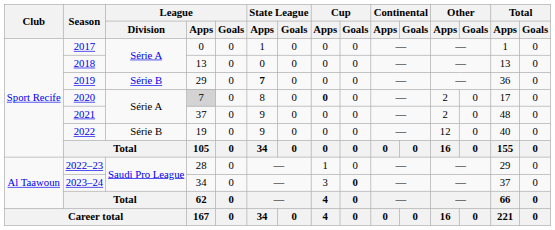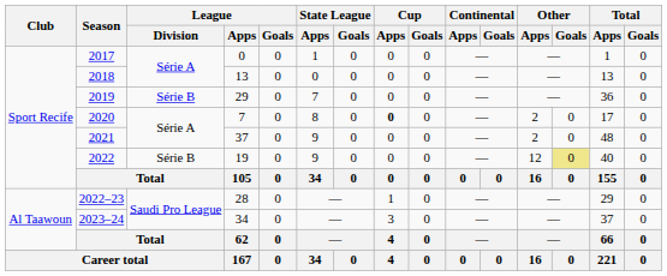 <table class="wikitable" style="text-align: center;">
 <tr>
 <th rowspan="2">Club</th>
 <th rowspan="2">Season</th>
 <th colspan="3">League</th>
 <th colspan="2">State League</th>
 <th colspan="2">Cup</th>
 <th colspan="2">Continental</th>
 <th colspan="2">Other</th>
 <th colspan="2">Total</th>
 </tr>
 <tr>
 <th>Division</th>
 <th>Apps</th>
 <th>Goals</th>
 <th>Apps</th>
 <th>Goals</th>
 <th>Apps</th>
 <th>Goals</th>
 <th>Apps</th>
 <th>Goals</th>
 <th>Apps</th>
 <th>Goals</th>
 <th>Apps</th>
 <th>Goals</th>
 </tr>
 <tr>
 <td rowspan="7" valign="center"><a href='#'>Sport Recife</a></td>
 <td><a href='#'>2017</a></td>
 <td rowspan="2"><a href='#'>Série A</a></td>
 <td>0</td>
 <td>0</td>
 <td>1</td>
 <td>0</td>
 <td>0</td>
 <td>0</td>
 <td colspan="2">—</td>
 <td colspan="2">—</td>
 <td>1</td>
 <td>0</td>
 </tr>
 <tr>
 <td><a href='#'>2018</a></td>
 <td>13</td>
 <td>0</td>
 <td>0</td>
 <td>0</td>
 <td>0</td>
 <td>0</td>
 <td colspan="2">—</td>
 <td colspan="2">—</td>
 <td>13</td>
 <td>0</td>
 </tr>
 <tr>
 <td><a href='#'>2019</a></td>
 <td><a href='#'>Série B</a></td>
 <td>29</td>
 <td>0</td>
-<td><strong>7</strong></td>
+<td>7</td>
 <td>0</td>
 <td>0</td>
 <td>0</td>
 <td colspan="2">—</td>
 <td colspan="2">—</td>
 <td>36</td>
 <td>0</td>
 </tr>
 <tr>
 <td><a href='#'>2020</a></td>
 <td rowspan="2">Série A</td>
-<td style="background: lightgrey;">7</td>
+<td>7</td>
 <td>0</td>
 <td>8</td>
 <td>0</td>
 <td><strong>0</strong></td>
 <td>0</td>
 <td colspan="2">—</td>
 <td>2</td>
 <td>0</td>
 <td>17</td>
 <td>0</td>
 </tr>
 <tr>
 <td><a href='#'>2021</a></td>
 <td>37</td>
 <td>0</td>
 <td>9</td>
 <td>0</td>
 <td>0</td>
 <td>0</td>
 <td colspan="2">—</td>
 <td>2</td>
 <td>0</td>
 <td>48</td>
 <td>0</td>
 </tr>
 <tr>
 <td><a href='#'>2022</a></td>
 <td>Série B</td>
 <td>19</td>
 <td>0</td>
 <td>9</td>
 <td>0</td>
 <td>0</td>
 <td>0</td>
 <td colspan="2">—</td>
 <td>12</td>
-<td>0</td>
+<td style="background: khaki;">0</td>
 <td>40</td>
 <td>0</td>
 </tr>
 <tr>
 <th colspan="2"><strong>Total</strong></th>
 <th>105</th>
 <th>0</th>
 <th>34</th>
 <th>0</th>
 <th>0</th>
 <th>0</th>
 <th>0</th>
 <th>0</th>
 <th>16</th>
 <th>0</th>
 <th>155</th>
 <th>0</th>
 </tr>
 <tr>
 <td rowspan="3" valign="center"><a href='#'>Al Taawoun</a></td>
 <td><a href='#'>2022–23</a></td>
 <td rowspan="2"><a href='#'>Saudi Pro League</a></td>
 <td>28</td>
 <td>0</td>
 <td colspan="2">—</td>
 <td>1</td>
 <td>0</td>
 <td colspan="2">—</td>
 <td colspan="2">—</td>
 <td>29</td>
 <td>0</td>
 </tr>
 <tr>
 <td><a href='#'>2023–24</a></td>
 <td>34</td>
 <td>0</td>
 <td colspan="2">—</td>
 <td>3</td>
-<td><strong>0</strong></td>
+<td>0</td>
 <td colspan="2">—</td>
 <td colspan="2">—</td>
 <td>37</td>
 <td>0</td>
 </tr>
 <tr>
 <th colspan="2"><strong>Total</strong></th>
 <th>62</th>
 <th>0</th>
 <th colspan="2">—</th>
 <th>4</th>
 <th>0</th>
 <th colspan="2">—</th>
 <th colspan="2">—</th>
 <th>66</th>
 <th>0</th>
 </tr>
 <tr>
 <th colspan="3"><strong>Career total</strong></th>
 <th>167</th>
 <th>0</th>
 <th>34</th>
 <th>0</th>
 <th>4</th>
 <th>0</th>
 <th>0</th>
 <th>0</th>
 <th>16</th>
 <th>0</th>
 <th>221</th>
 <th>0</th>
 </tr>
 </table>
